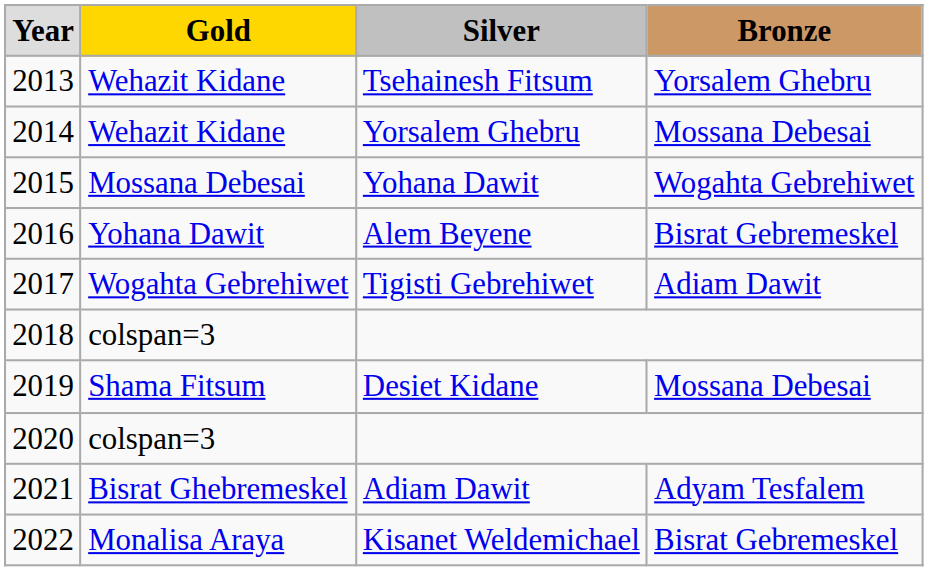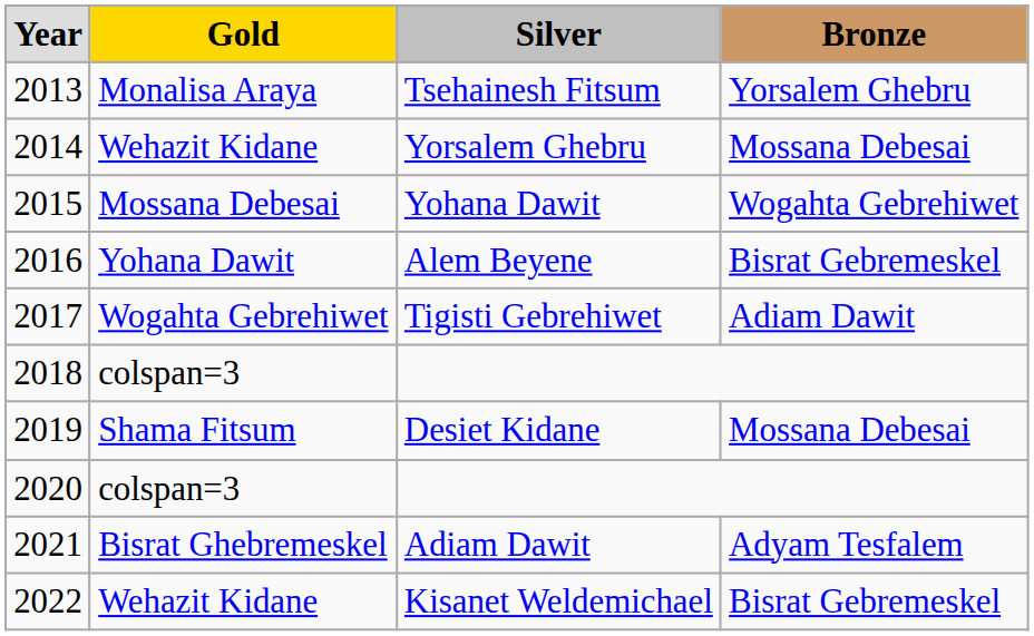 <table class="wikitable sortable alternance" style="font-size:95%">
 <tr>
 <td style="background:#DDDDDD; font-weight:bold; text-align:center;">Year</td>
 <td style="background:gold; font-weight:bold; text-align:center;">Gold</td>
 <td style="background:silver; font-weight:bold; text-align:center;">Silver</td>
 <td style="background:#cc9966; font-weight:bold; text-align:center;">Bronze</td>
 </tr>
 <tr>
 <td>2013</td>
-<td><a href='#'>Wehazit Kidane</a></td>
+<td><a href='#'>Monalisa Araya</a></td>
 <td><a href='#'>Tsehainesh Fitsum</a></td>
 <td><a href='#'>Yorsalem Ghebru</a></td>
 </tr>
 <tr>
 <td>2014</td>
 <td><a href='#'>Wehazit Kidane</a></td>
 <td><a href='#'>Yorsalem Ghebru</a></td>
 <td><a href='#'>Mossana Debesai</a></td>
 </tr>
 <tr>
 <td>2015</td>
 <td><a href='#'>Mossana Debesai</a></td>
 <td><a href='#'>Yohana Dawit</a></td>
 <td><a href='#'>Wogahta Gebrehiwet</a></td>
 </tr>
 <tr>
 <td>2016</td>
 <td><a href='#'>Yohana Dawit</a></td>
 <td><a href='#'>Alem Beyene</a></td>
 <td><a href='#'>Bisrat Gebremeskel</a></td>
 </tr>
 <tr>
 <td>2017</td>
 <td><a href='#'>Wogahta Gebrehiwet</a></td>
 <td><a href='#'>Tigisti Gebrehiwet</a></td>
 <td><a href='#'>Adiam Dawit</a></td>
 </tr>
 <tr>
 <td>2018</td>
 <td>colspan=3 </td>
 </tr>
 <tr>
 <td>2019</td>
 <td><a href='#'>Shama Fitsum</a></td>
 <td><a href='#'>Desiet Kidane</a></td>
 <td><a href='#'>Mossana Debesai</a></td>
 </tr>
 <tr>
 <td>2020</td>
 <td>colspan=3 </td>
 </tr>
 <tr>
 <td>2021</td>
 <td><a href='#'>Bisrat Ghebremeskel</a></td>
 <td><a href='#'>Adiam Dawit</a></td>
 <td><a href='#'>Adyam Tesfalem</a></td>
 </tr>
 <tr>
 <td>2022</td>
-<td><a href='#'>Monalisa Araya</a></td>
+<td><a href='#'>Wehazit Kidane</a></td>
 <td><a href='#'>Kisanet Weldemichael</a></td>
 <td><a href='#'>Bisrat Gebremeskel</a></td>
 </tr>
 </table>
